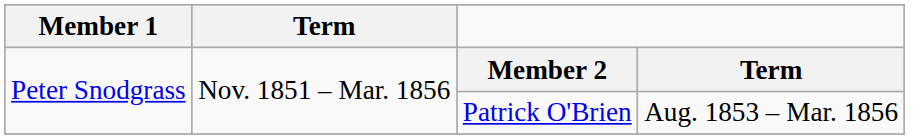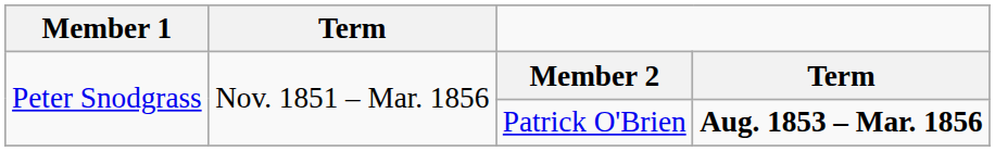 <table class="wikitable">
 <tr>
 <th>Member 1</th>
 <th>Term</th>
 </tr>
 <tr>
 <td rowspan= "2"><a href='#'>Peter Snodgrass</a></td>
 <td rowspan= "2">Nov. 1851 – Mar. 1856</td>
 <th>Member 2</th>
 <th>Term</th>
 </tr>
 <tr>
 <td><a href='#'>Patrick O'Brien</a></td>
-<td>Aug. 1853 – Mar. 1856</td>
+<td><strong>Aug. 1853 – Mar. 1856</strong></td>
 </tr>
 </table>
